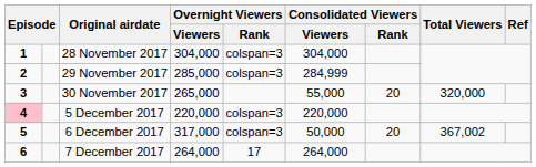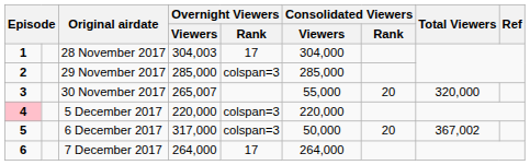 <table class="wikitable" style="text-align:center;">
 <tr>
 <th rowspan=2 colspan="2">Episode</th>
 <th rowspan=2>Original airdate</th>
 <th colspan=2>Overnight Viewers</th>
 <th colspan=2>Consolidated Viewers</th>
 <th rowspan=2>Total Viewers</th>
 <th rowspan=2>Ref</th>
 </tr>
 <tr>
 <th>Viewers</th>
 <th>Rank</th>
 <th>Viewers</th>
 <th>Rank</th>
 </tr>
 <tr>
 <td><strong>1</strong></td>
 <td></td>
 <td>28 November 2017</td>
-<td>304,000</td>
-<td>colspan=3 </td>
+<td>304,003</td>
+<td>17</td>
 <td>304,000</td>
 <td></td>
 </tr>
 <tr>
 <td><strong>2</strong></td>
 <td></td>
 <td>29 November 2017</td>
 <td>285,000</td>
 <td>colspan=3 </td>
-<td>284,999</td>
+<td>285,000</td>
 <td></td>
 </tr>
 <tr>
 <td><strong>3</strong></td>
 <td></td>
 <td>30 November 2017</td>
-<td>265,000</td>
+<td>265,007</td>
 <td></td>
 <td>55,000</td>
 <td>20</td>
 <td>320,000</td>
 <td></td>
 </tr>
 <tr>
 <td style="background: pink;"><strong>4</strong></td>
 <td></td>
 <td>5 December 2017</td>
 <td>220,000</td>
 <td>colspan=3 </td>
 <td>220,000</td>
 <td></td>
 </tr>
 <tr>
 <td><strong>5</strong></td>
 <td></td>
 <td>6 December 2017</td>
 <td>317,000</td>
 <td>colspan=3 </td>
 <td>50,000</td>
 <td>20</td>
 <td>367,002</td>
 <td></td>
 </tr>
 <tr>
 <td><strong>6</strong></td>
 <td></td>
 <td>7 December 2017</td>
 <td>264,000</td>
 <td>17</td>
 <td>264,000</td>
 <td></td>
 </tr>
 </table>
